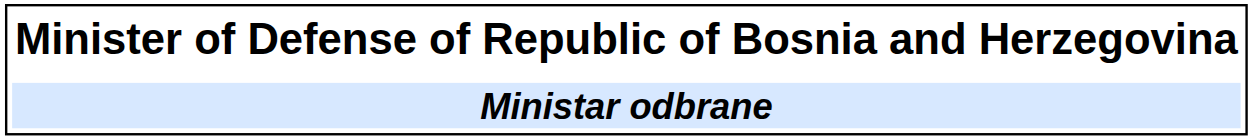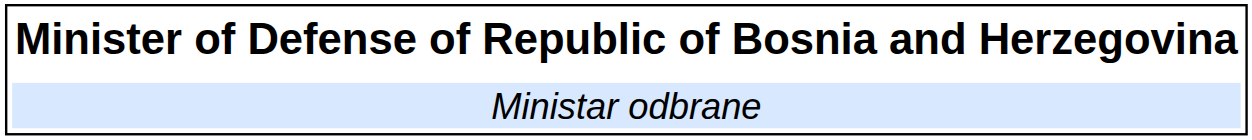 <table style="border:1px solid black; background:white; font-size:95%; margin:auto;">
 <tr>
 <td style="text-align:center;" colspan="3"><big><strong>Minister of Defense of Republic of Bosnia and Herzegovina</strong></big></td>
 </tr>
 <tr align=center>
 <td></td>
 </tr>
 <tr style="text-align:center; background:#d7e8ff;">
-<td><strong><em>Ministar odbrane</em></strong></td>
+<td><em>Ministar odbrane</em></td>
 </tr>
 </table>
